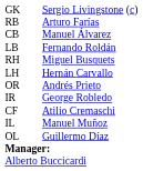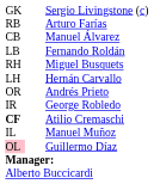 <table cellspacing="0" cellpadding="0" style="font-size:90%; margin:auto;">
 <tr>
 <th width=25></th>
 <th width=25></th>
 </tr>
 <tr>
 <td>GK</td>
 <td></td>
 <td><a href='#'>Sergio Livingstone</a> (<a href='#'>c</a>)</td>
 </tr>
 <tr>
 <td>RB</td>
 <td></td>
 <td><a href='#'>Arturo Farías</a></td>
 </tr>
 <tr>
 <td>CB</td>
 <td></td>
 <td><a href='#'>Manuel Álvarez</a></td>
 </tr>
 <tr>
 <td>LB</td>
 <td></td>
 <td><a href='#'>Fernando Roldán</a></td>
 </tr>
 <tr>
 <td>RH</td>
 <td></td>
 <td><a href='#'>Miguel Busquets</a></td>
 </tr>
 <tr>
 <td>LH</td>
 <td></td>
 <td><a href='#'>Hernán Carvallo</a></td>
 </tr>
 <tr>
 <td>OR</td>
 <td></td>
 <td><a href='#'>Andrés Prieto</a></td>
 </tr>
 <tr>
 <td>IR</td>
 <td></td>
 <td><a href='#'>George Robledo</a></td>
 </tr>
 <tr>
-<td>CF</td>
+<td><strong>CF</strong></td>
 <td></td>
 <td><a href='#'>Atilio Cremaschi</a></td>
 </tr>
 <tr>
 <td>IL</td>
 <td></td>
 <td><a href='#'>Manuel Muñoz</a></td>
 </tr>
 <tr>
-<td>OL</td>
+<td style="background: pink;">OL</td>
 <td></td>
 <td><a href='#'>Guillermo Díaz</a></td>
 </tr>
 <tr>
 <td colspan=3><strong>Manager:</strong></td>
 </tr>
 <tr>
 <td colspan=4><a href='#'>Alberto Buccicardi</a></td>
 </tr>
 </table>
